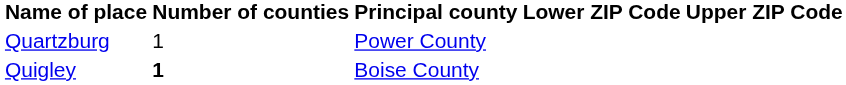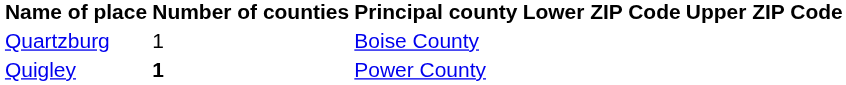 <table>
 <tr>
 <th>Name of place</th>
 <th>Number of counties</th>
 <th>Principal county</th>
 <th>Lower ZIP Code</th>
 <th>Upper ZIP Code</th>
 </tr>
 <tr --->
 <td><a href='#'>Quartzburg</a></td>
 <td>1</td>
-<td><a href='#'>Power County</a></td>
+<td><a href='#'>Boise County</a></td>
 <td> </td>
 <td> </td>
 </tr>
 <tr --->
 <td><a href='#'>Quigley</a></td>
 <td><strong>1</strong></td>
-<td><a href='#'>Boise County</a></td>
+<td><a href='#'>Power County</a></td>
 <td> </td>
 <td> </td>
 </tr>
 <tr --->
 </tr>
 </table>
